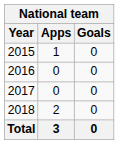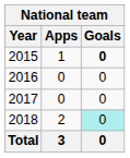 <table class="wikitable" style="text-align:center">
 <tr>
 <th colspan=3>National team</th>
 </tr>
 <tr>
 <th>Year</th>
 <th>Apps</th>
 <th>Goals</th>
 </tr>
 <tr>
 <td>2015</td>
 <td>1</td>
-<td>0</td>
+<td><strong>0</strong></td>
 </tr>
 <tr>
 <td>2016</td>
 <td>0</td>
 <td>0</td>
 </tr>
 <tr>
 <td>2017</td>
 <td>0</td>
 <td>0</td>
 </tr>
 <tr>
 <td>2018</td>
 <td>2</td>
-<td>0</td>
+<td style="background: paleturquoise;">0</td>
 </tr>
 <tr>
 <th>Total</th>
 <th>3</th>
 <th>0</th>
 </tr>
 </table>
